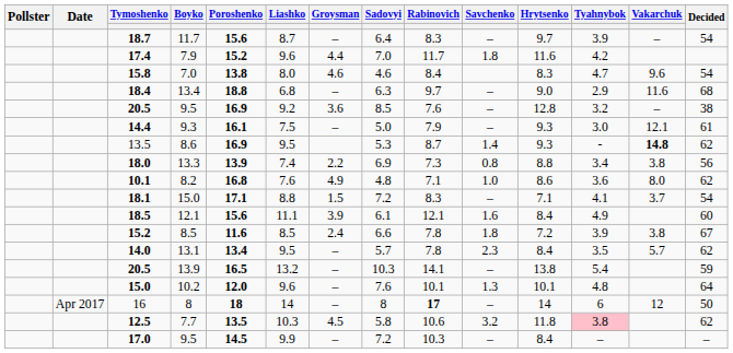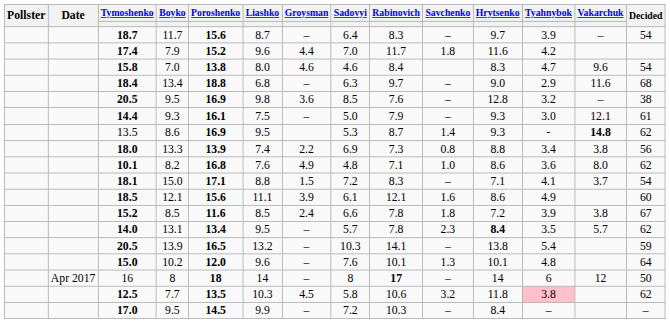 <table class="wikitable" style="text-align:center;font-size:95%;line-height:14px;">
 <tr>
 <th rowspan="2">Pollster</th>
 <th rowspan="2">Date</th>
 <th><small><a href='#'>Tymoshenko</a></small><br></th>
 <th> <small><a href='#'>Boyko</a></small><br></th>
 <th> <small><a href='#'>Poroshenko</a></small><br></th>
 <th><small><a href='#'>Liashko</a></small><br></th>
 <th><small><a href='#'>Groysman</a></small><br></th>
 <th><small><a href='#'>Sadovyi</a></small><br></th>
 <th><small><a href='#'>Rabinovich</a></small><br></th>
 <th><small><a href='#'>Savchenko</a></small><br></th>
 <th><small><a href='#'>Hrytsenko</a></small><br></th>
 <th><small><a href='#'>Tyahnybok</a></small><br></th>
 <th><small><a href='#'>Vakarchuk</a></small><br></th>
 <th rowspan="2"><small>Decided</small></th>
 </tr>
 <tr>
 <th style="background:"></th>
 <th style="background:"></th>
 <th style="background:"></th>
 <th style="background:"></th>
 <th style="background:"></th>
 <th style="background:"></th>
 <th style="background:"></th>
 <th style="background:"></th>
 <th style="background:"></th>
 <th style="background:"></th>
 <th style="background:"></th>
 </tr>
 <tr>
 <td></td>
 <td></td>
 <td style="background-color:#"><strong>18.7</strong></td>
 <td>11.7</td>
 <td style="background-color:#"><strong>15.6</strong></td>
 <td>8.7</td>
 <td>–</td>
 <td>6.4</td>
 <td>8.3</td>
 <td>–</td>
 <td>9.7</td>
 <td>3.9</td>
 <td>–</td>
 <td>54</td>
 </tr>
 <tr>
 <td></td>
 <td></td>
 <td style="background-color:#"><strong>17.4</strong></td>
 <td>7.9</td>
 <td style="background-color:#"><strong>15.2</strong></td>
 <td>9.6</td>
 <td>4.4</td>
 <td>7.0</td>
 <td>11.7</td>
 <td>1.8</td>
 <td>11.6</td>
 <td>4.2</td>
 <td></td>
 <td></td>
 </tr>
 <tr>
 <td></td>
 <td></td>
 <td style="background-color:#"><strong>15.8</strong></td>
 <td>7.0</td>
 <td style="background-color:#"><strong>13.8</strong></td>
 <td>8.0</td>
 <td>4.6</td>
 <td>4.6</td>
 <td>8.4</td>
 <td></td>
 <td>8.3</td>
 <td>4.7</td>
 <td>9.6</td>
 <td>54</td>
 </tr>
 <tr>
 <td></td>
 <td></td>
 <td style="background-color:#"><strong>18.4</strong></td>
 <td>13.4</td>
 <td style="background-color:#"><strong>18.8</strong></td>
 <td>6.8</td>
 <td>–</td>
 <td>6.3</td>
 <td>9.7</td>
 <td>–</td>
 <td>9.0</td>
 <td>2.9</td>
 <td>11.6</td>
 <td>68</td>
 </tr>
 <tr>
 <td></td>
 <td></td>
 <td style="background-color:#"><strong>20.5</strong></td>
 <td>9.5</td>
 <td style="background-color:#"><strong>16.9</strong></td>
-<td>9.2</td>
+<td>9.8</td>
 <td>3.6</td>
 <td>8.5</td>
 <td>7.6</td>
 <td>–</td>
 <td>12.8</td>
 <td>3.2</td>
 <td>–</td>
 <td>38</td>
 </tr>
 <tr>
 <td></td>
 <td></td>
 <td style="background-color:#"><strong>14.4</strong></td>
 <td>9.3</td>
 <td style="background-color:#"><strong>16.1</strong></td>
 <td>7.5</td>
 <td>–</td>
 <td>5.0</td>
 <td>7.9</td>
 <td>–</td>
 <td>9.3</td>
 <td>3.0</td>
 <td>12.1</td>
 <td>61</td>
 </tr>
 <tr>
 <td></td>
 <td></td>
 <td>13.5</td>
 <td>8.6</td>
 <td style="background-color:#"><strong>16.9</strong></td>
 <td>9.5</td>
 <td></td>
 <td>5.3</td>
 <td>8.7</td>
 <td>1.4</td>
 <td>9.3</td>
 <td>-</td>
 <td style="background-color:#"><strong>14.8</strong></td>
 <td>62</td>
 </tr>
 <tr>
 <td></td>
 <td></td>
 <td style="background-color:#"><strong>18.0</strong></td>
 <td>13.3</td>
 <td style="background-color:#"><strong>13.9</strong></td>
 <td>7.4</td>
 <td>2.2</td>
 <td>6.9</td>
 <td>7.3</td>
 <td>0.8</td>
 <td>8.8</td>
 <td>3.4</td>
 <td>3.8</td>
 <td>56</td>
 </tr>
 <tr>
 <td></td>
 <td></td>
 <td style="background-color:#"><strong>10.1</strong></td>
 <td>8.2</td>
 <td style="background-color:#"><strong>16.8</strong></td>
 <td>7.6</td>
 <td>4.9</td>
 <td>4.8</td>
 <td>7.1</td>
 <td>1.0</td>
 <td>8.6</td>
 <td>3.6</td>
 <td>8.0</td>
 <td>62</td>
 </tr>
 <tr>
 <td></td>
 <td></td>
 <td style="background-color:#"><strong>18.1</strong></td>
 <td>15.0</td>
 <td style="background-color:#"><strong>17.1</strong></td>
 <td>8.8</td>
 <td>1.5</td>
 <td>7.2</td>
 <td>8.3</td>
 <td>–</td>
 <td>7.1</td>
 <td>4.1</td>
 <td>3.7</td>
 <td>54</td>
 </tr>
 <tr>
 <td></td>
 <td></td>
 <td style="background-color:#"><strong>18.5</strong></td>
 <td>12.1</td>
 <td style="background-color:#"><strong>15.6</strong></td>
 <td>11.1</td>
 <td>3.9</td>
 <td>6.1</td>
 <td>12.1</td>
 <td>1.6</td>
-<td>8.4</td>
+<td>8.6</td>
 <td>4.9</td>
 <td></td>
 <td>60</td>
 </tr>
 <tr>
 <td></td>
 <td></td>
 <td style="background-color:#"><strong>15.2</strong></td>
 <td>8.5</td>
 <td style="background-color:#"><strong>11.6</strong></td>
 <td>8.5</td>
 <td>2.4</td>
 <td>6.6</td>
 <td>7.8</td>
 <td>1.8</td>
 <td>7.2</td>
 <td>3.9</td>
 <td>3.8</td>
 <td>67</td>
 </tr>
 <tr>
 <td></td>
 <td></td>
 <td style="background-color:#"><strong>14.0</strong></td>
 <td>13.1</td>
 <td style="background-color:#"><strong>13.4</strong></td>
 <td>9.5</td>
 <td>–</td>
 <td>5.7</td>
 <td>7.8</td>
 <td>2.3</td>
-<td>8.4</td>
+<td><strong>8.4</strong></td>
 <td>3.5</td>
 <td>5.7</td>
 <td>62</td>
 </tr>
 <tr>
 <td> </td>
 <td></td>
 <td style="background-color:#"><strong>20.5</strong></td>
 <td>13.9</td>
 <td style="background-color:#"><strong>16.5</strong></td>
 <td>13.2</td>
 <td>–</td>
 <td>10.3</td>
 <td>14.1</td>
 <td>–</td>
 <td>13.8</td>
 <td>5.4</td>
 <td></td>
 <td>59</td>
 </tr>
 <tr>
 <td></td>
 <td></td>
 <td style="background-color:#"><strong>15.0</strong></td>
 <td>10.2</td>
 <td style="background-color:#"><strong>12.0</strong></td>
 <td>9.6</td>
 <td>–</td>
 <td>7.6</td>
 <td>10.1</td>
 <td>1.3</td>
 <td>10.1</td>
 <td>4.8</td>
 <td></td>
 <td>64</td>
 </tr>
 <tr>
 <td></td>
 <td data-sort-value="2017-04-15">Apr 2017</td>
 <td> 16</td>
 <td>8</td>
 <td style="background-color:#"><strong>18</strong></td>
 <td>14</td>
 <td>–</td>
 <td>8</td>
 <td style="background-color:#"><strong>17</strong></td>
 <td>–</td>
 <td>14</td>
 <td>6</td>
 <td>12</td>
 <td>50</td>
 </tr>
 <tr>
 <td></td>
 <td></td>
 <td style="background-color:#"><strong>12.5</strong></td>
 <td>7.7</td>
 <td style="background-color:#"><strong>13.5</strong></td>
 <td>10.3</td>
 <td>4.5</td>
 <td>5.8</td>
 <td>10.6</td>
 <td>3.2</td>
 <td>11.8</td>
 <td style="background: pink;">3.8</td>
 <td></td>
 <td>62</td>
 </tr>
 <tr>
 <td> </td>
 <td></td>
 <td style="background-color:#"><strong>17.0</strong></td>
 <td>9.5</td>
 <td style="background-color:#"><strong>14.5</strong></td>
 <td>9.9</td>
 <td>–</td>
 <td>7.2</td>
 <td>10.3</td>
 <td>–</td>
 <td>8.4</td>
 <td>–</td>
 <td></td>
 <td>–</td>
 </tr>
 </table>
